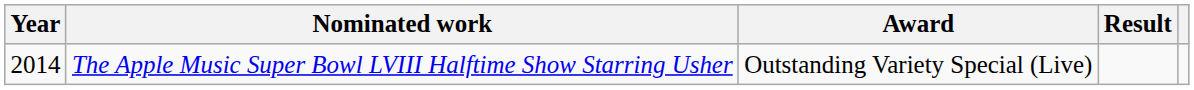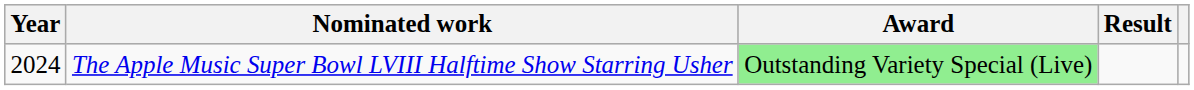 <table class="wikitable">
 <tr>
 <th>Year</th>
 <th>Nominated work</th>
 <th>Award</th>
 <th>Result</th>
 <th></th>
 </tr>
 <tr>
-<td>2014</td>
+<td>2024</td>
 <td><em><a href='#'>The Apple Music Super Bowl LVIII Halftime Show Starring Usher</a></em></td>
-<td>Outstanding Variety Special (Live)</td>
+<td style="background: lightgreen;">Outstanding Variety Special (Live)</td>
 <td></td>
 <td style="text-align:center;"></td>
 </tr>
 </table>
